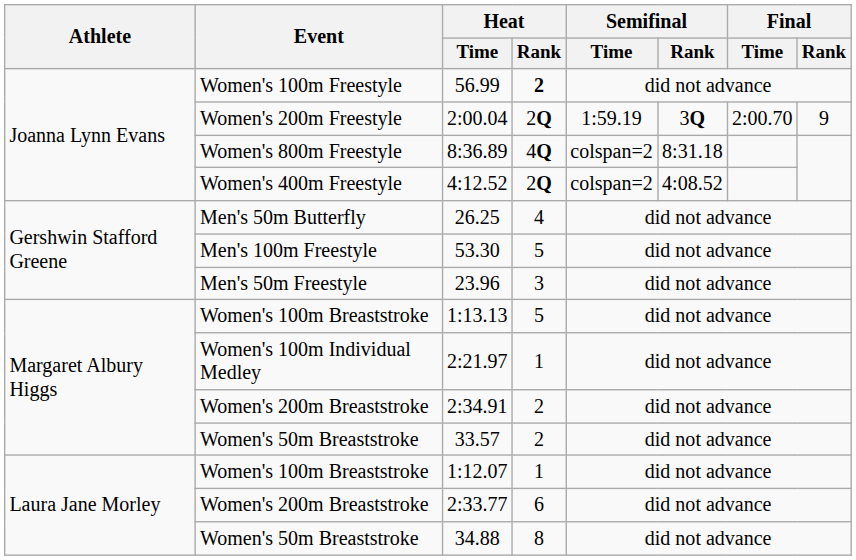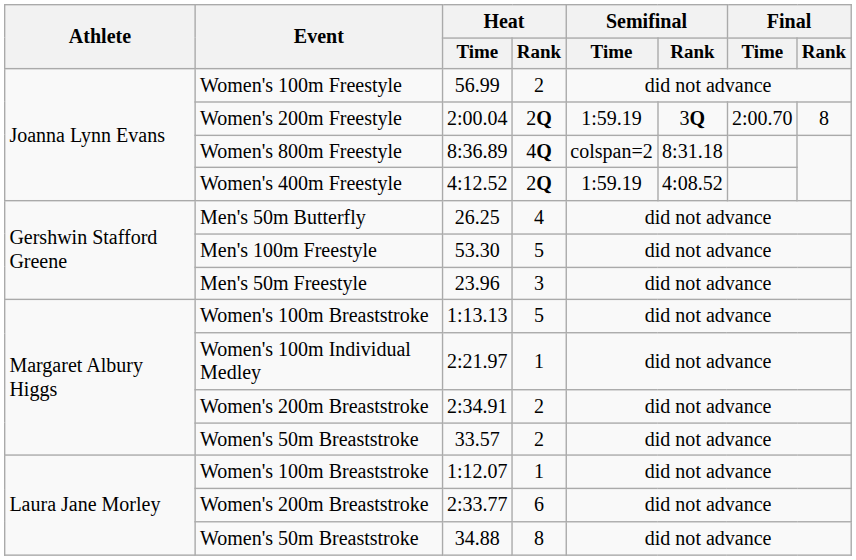 <table class=wikitable style="font-size:90%">
 <tr>
 <th rowspan="2">Athlete</th>
 <th rowspan="2">Event</th>
 <th colspan="2">Heat</th>
 <th colspan="2">Semifinal</th>
 <th colspan="2">Final</th>
 </tr>
 <tr style="font-size:95%">
 <th>Time</th>
 <th>Rank</th>
 <th>Time</th>
 <th>Rank</th>
 <th>Time</th>
 <th>Rank</th>
 </tr>
 <tr align=center>
 <td align=left rowspan=4>Joanna Lynn Evans</td>
 <td align=left>Women's 100m Freestyle</td>
 <td>56.99</td>
-<td><strong>2</strong></td>
+<td>2</td>
 <td colspan=4>did not advance</td>
 </tr>
 <tr align=center>
 <td align=left>Women's 200m Freestyle</td>
 <td>2:00.04</td>
 <td>2<strong>Q</strong></td>
 <td>1:59.19</td>
 <td>3<strong>Q</strong></td>
 <td>2:00.70</td>
-<td>9</td>
+<td>8</td>
 </tr>
 <tr align=center>
 <td align=left>Women's 800m Freestyle</td>
 <td>8:36.89</td>
 <td>4<strong>Q</strong></td>
 <td>colspan=2 </td>
 <td>8:31.18</td>
 <td></td>
 </tr>
 <tr align=center>
 <td align=left>Women's 400m Freestyle</td>
 <td>4:12.52</td>
 <td>2<strong>Q</strong></td>
-<td>colspan=2 </td>
+<td>1:59.19</td>
 <td>4:08.52</td>
 <td></td>
 </tr>
 <tr align=center>
 <td align=left rowspan=3>Gershwin Stafford Greene</td>
 <td align=left>Men's 50m Butterfly</td>
 <td>26.25</td>
 <td>4</td>
 <td colspan=4>did not advance</td>
 </tr>
 <tr align=center>
 <td align=left>Men's 100m Freestyle</td>
 <td>53.30</td>
 <td>5</td>
 <td colspan=4>did not advance</td>
 </tr>
 <tr align=center>
 <td align=left>Men's 50m Freestyle</td>
 <td>23.96</td>
 <td>3</td>
 <td colspan=4>did not advance</td>
 </tr>
 <tr align=center>
 <td align=left rowspan=4>Margaret Albury Higgs</td>
 <td align=left>Women's 100m Breaststroke</td>
 <td>1:13.13</td>
 <td>5</td>
 <td colspan=4>did not advance</td>
 </tr>
 <tr align=center>
 <td align=left>Women's 100m Individual Medley</td>
 <td>2:21.97</td>
 <td>1</td>
 <td colspan=4>did not advance</td>
 </tr>
 <tr align=center>
 <td align=left>Women's 200m Breaststroke</td>
 <td>2:34.91</td>
 <td>2</td>
 <td colspan=4>did not advance</td>
 </tr>
 <tr align=center>
 <td align=left>Women's 50m Breaststroke</td>
 <td>33.57</td>
 <td>2</td>
 <td colspan=4>did not advance</td>
 </tr>
 <tr align=center>
 <td align=left rowspan=3>Laura Jane Morley</td>
 <td align=left>Women's 100m Breaststroke</td>
 <td>1:12.07</td>
 <td>1</td>
 <td colspan=4>did not advance</td>
 </tr>
 <tr align=center>
 <td align=left>Women's 200m Breaststroke</td>
 <td>2:33.77</td>
 <td>6</td>
 <td colspan=4>did not advance</td>
 </tr>
 <tr align=center>
 <td align=left>Women's 50m Breaststroke</td>
 <td>34.88</td>
 <td>8</td>
 <td colspan=4>did not advance</td>
 </tr>
 </table>
